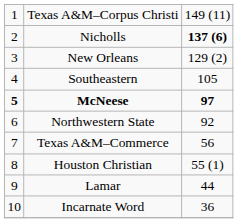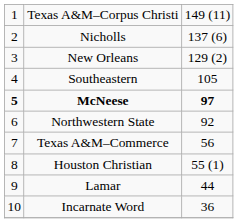 <table class="wikitable">
 <tr align="center">
 <td>1</td>
 <td>Texas A&M–Corpus Christi</td>
 <td>149 (11)</td>
 </tr>
 <tr align="center">
 <td>2</td>
 <td>Nicholls</td>
-<td><strong>137 (6)</strong></td>
+<td>137 (6)</td>
 </tr>
 <tr align="center">
 <td>3</td>
 <td>New Orleans</td>
 <td>129 (2)</td>
 </tr>
 <tr align="center">
 <td>4</td>
 <td>Southeastern</td>
 <td>105</td>
 </tr>
 <tr align="center">
 <td><strong>5</strong></td>
 <td><strong>McNeese</strong></td>
 <td><strong>97</strong></td>
 </tr>
 <tr align="center">
 <td>6</td>
 <td>Northwestern State</td>
 <td>92</td>
 </tr>
 <tr align="center">
 <td>7</td>
 <td>Texas A&M–Commerce</td>
 <td>56</td>
 </tr>
 <tr align="center">
 <td>8</td>
 <td>Houston Christian</td>
 <td>55 (1)</td>
 </tr>
 <tr align="center">
 <td>9</td>
 <td>Lamar</td>
 <td>44</td>
 </tr>
 <tr align="center">
 <td>10</td>
 <td>Incarnate Word</td>
 <td>36</td>
 </tr>
 <tr align="center">
 </tr>
 </table>
